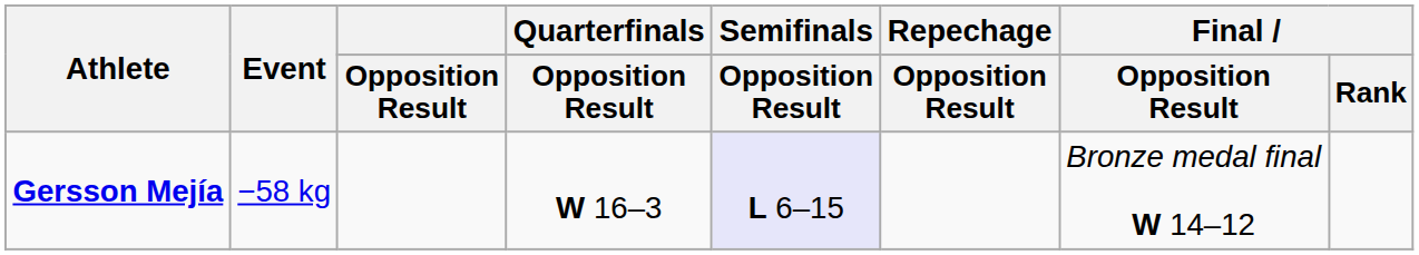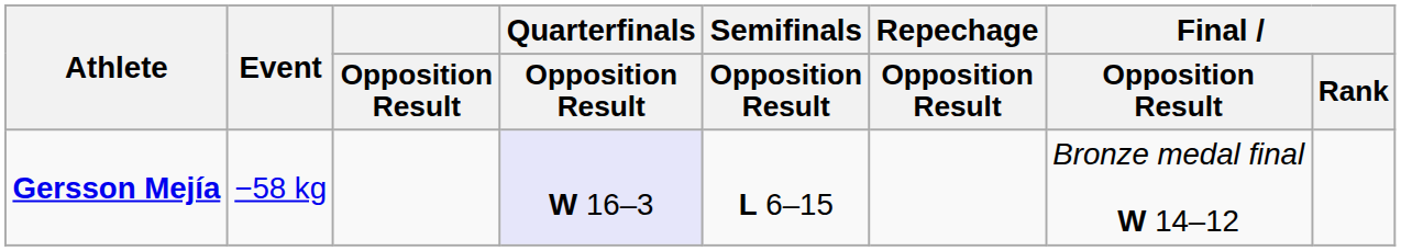 <table class="wikitable" style="font-size:90%;">
 <tr>
 <th rowspan=2>Athlete</th>
 <th rowspan=2>Event</th>
 <th></th>
 <th>Quarterfinals</th>
 <th>Semifinals</th>
 <th>Repechage</th>
 <th colspan="2">Final / </th>
 </tr>
 <tr style="font-size:95%">
 <th>Opposition<br>Result</th>
 <th>Opposition<br>Result</th>
 <th>Opposition<br>Result</th>
 <th>Opposition<br>Result</th>
 <th>Opposition<br>Result</th>
 <th>Rank</th>
 </tr>
 <tr align=center>
 <td align=left><strong><a href='#'>Gersson Mejía</a></strong></td>
 <td align=left rowspan=2><a href='#'>−58 kg</a></td>
 <td></td>
-<td><br><strong>W</strong> 16–3</td>
-<td style="background: lavender;"><br><strong>L</strong> 6–15</td>
+<td style="background: lavender;"><br><strong>W</strong> 16–3</td>
+<td><br><strong>L</strong> 6–15</td>
 <td></td>
 <td><em>Bronze medal final</em><br><br><strong>W</strong> 14–12</td>
 <td></td>
 </tr>
 </table>
